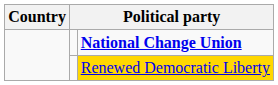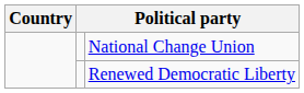 <table class="wikitable sortable">
 <tr>
 <th>Country</th>
 <th colspan="2">Political party</th>
 </tr>
 <tr>
 <td rowspan="2"></td>
 <td style="background:"></td>
-<td><strong><a href='#'>National Change Union</a></strong></td>
+<td><a href='#'>National Change Union</a></td>
 </tr>
 <tr>
 <td style="background:"></td>
-<td style="background: gold;"><a href='#'>Renewed Democratic Liberty</a></td>
+<td><a href='#'>Renewed Democratic Liberty</a></td>
 </tr>
 </table>
